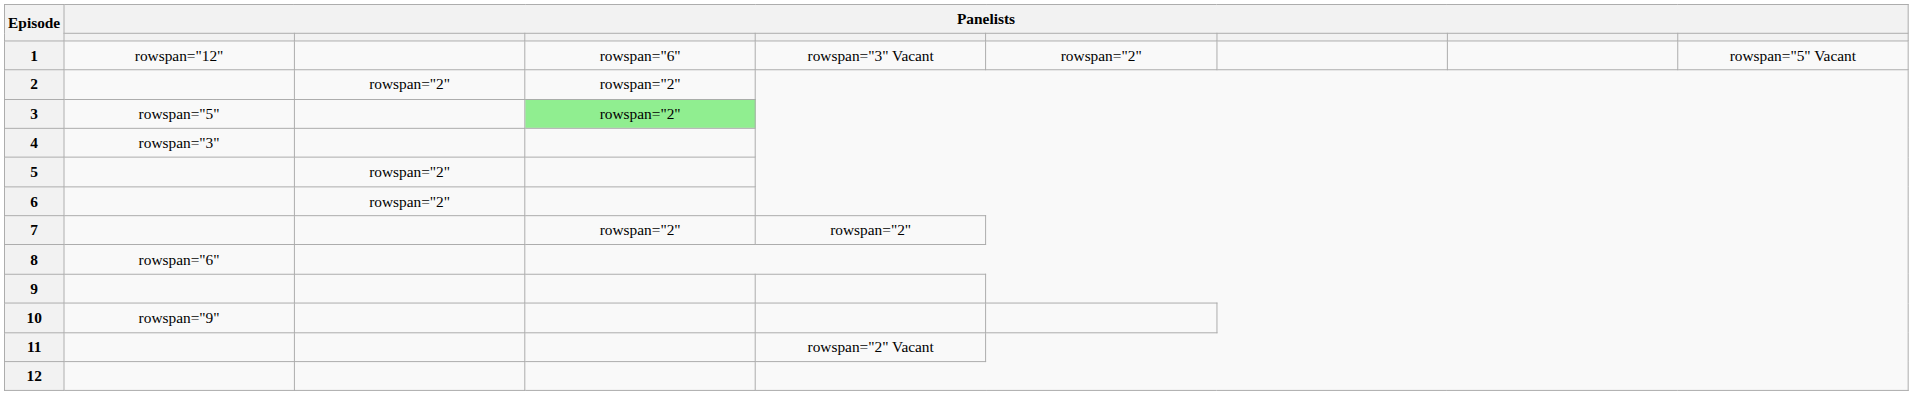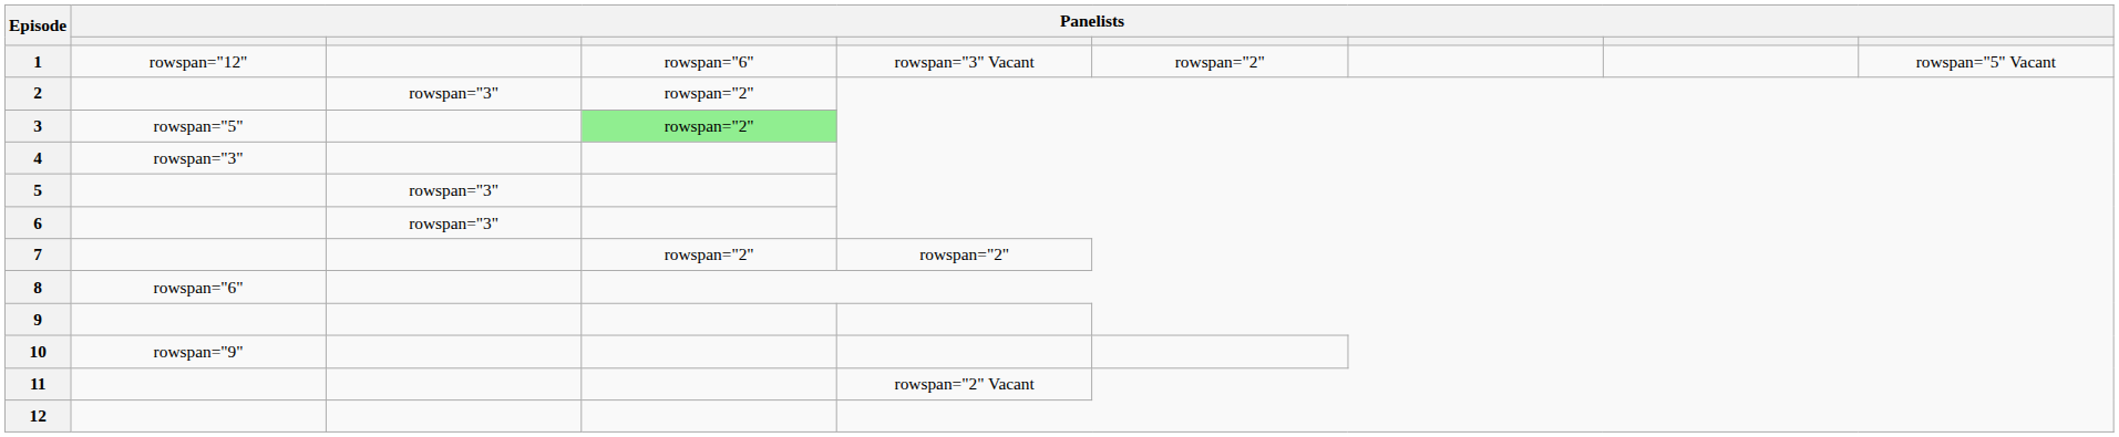 <table class="wikitable plainrowheaders mw-collapsible" style="text-align:center; line-height:23px; width:100%;">
 <tr>
 <th rowspan="2" width="1%">Episode</th>
 <th colspan="8">Panelists</th>
 </tr>
 <tr>
 <th width="12%"></th>
 <th width="12%"></th>
 <th width="12%"></th>
 <th width="12%"></th>
 <th width="12%"></th>
 <th width="12%"></th>
 <th width="12%"></th>
 <th width="12%"></th>
 </tr>
 <tr>
 <th>1</th>
 <td>rowspan="12" </td>
 <td></td>
 <td>rowspan="6" </td>
 <td>rowspan="3"  Vacant</td>
 <td>rowspan="2" </td>
 <td></td>
 <td></td>
 <td>rowspan="5"  Vacant</td>
 </tr>
 <tr>
 <th>2</th>
 <td></td>
-<td>rowspan="2" </td>
+<td>rowspan="3" </td>
 <td>rowspan="2" </td>
 </tr>
 <tr>
 <th>3</th>
 <td>rowspan="5" </td>
 <td></td>
 <td style="background: lightgreen;">rowspan="2" </td>
 </tr>
 <tr>
 <th>4</th>
 <td>rowspan="3" </td>
 <td></td>
 <td></td>
 </tr>
 <tr>
 <th>5</th>
 <td></td>
-<td>rowspan="2" </td>
+<td>rowspan="3" </td>
 <td></td>
 </tr>
 <tr>
 <th>6</th>
 <td></td>
-<td>rowspan="2" </td>
+<td>rowspan="3" </td>
 <td></td>
 </tr>
 <tr>
 <th>7</th>
 <td></td>
 <td></td>
 <td>rowspan="2" </td>
 <td>rowspan="2" </td>
 </tr>
 <tr>
 <th>8</th>
 <td>rowspan="6" </td>
 <td></td>
 </tr>
 <tr>
 <th>9</th>
 <td></td>
 <td></td>
 <td></td>
 <td></td>
 </tr>
 <tr>
 <th>10</th>
 <td>rowspan="9" </td>
 <td></td>
 <td></td>
 <td></td>
 <td></td>
 </tr>
 <tr>
 <th>11</th>
 <td></td>
 <td></td>
 <td></td>
 <td>rowspan="2" Vacant</td>
 </tr>
 <tr>
 <th>12</th>
 <td></td>
 <td></td>
 <td></td>
 </tr>
 </table>
